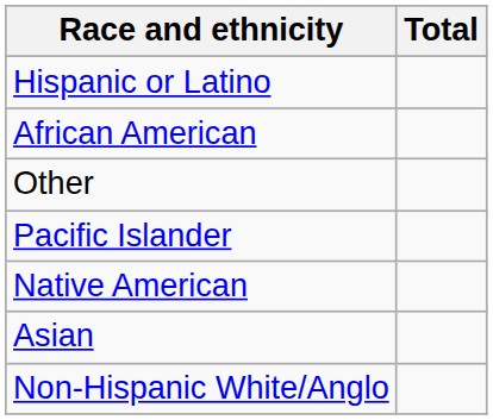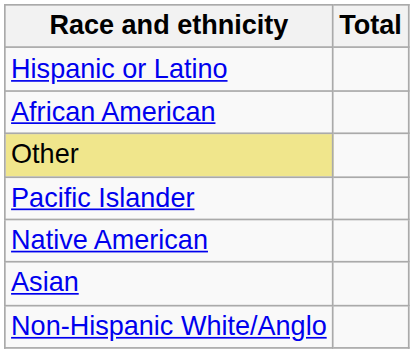 <table class="wikitable floatright sortable collapsible"; text-align:right; font-size:80%;">
 <tr>
 <th>Race and ethnicity</th>
 <th colspan="2" data-sort-type=number>Total</th>
 </tr>
 <tr>
 <td><a href='#'>Hispanic or Latino</a></td>
 <td align=right></td>
 </tr>
 <tr>
 <td><a href='#'>African American</a></td>
 <td align=right></td>
 </tr>
 <tr>
-<td>Other</td>
+<td style="background: khaki;">Other</td>
 <td align=right></td>
 </tr>
 <tr>
 <td><a href='#'>Pacific Islander</a></td>
 <td align=right></td>
 </tr>
 <tr>
 <td><a href='#'>Native American</a></td>
 <td align=right></td>
 </tr>
 <tr>
 <td><a href='#'>Asian</a></td>
 <td align=right></td>
 </tr>
 <tr>
 <td><a href='#'>Non-Hispanic White/Anglo</a></td>
 <td align=right></td>
 </tr>
 </table>
